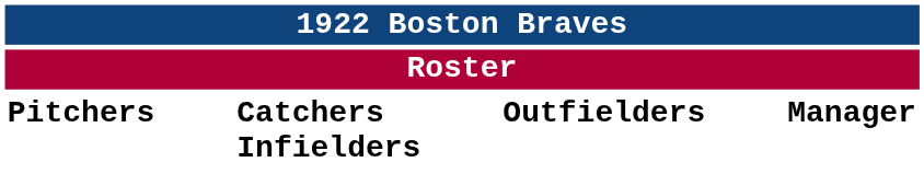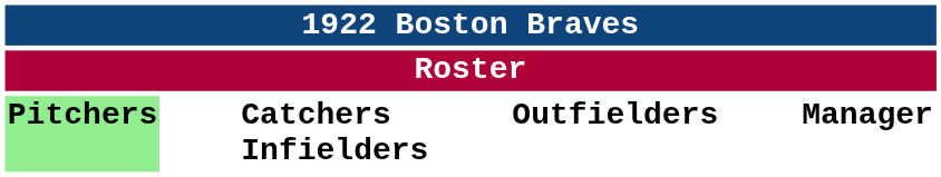 <table class="toccolours" style="font-size: 95%;">
 <tr>
 <th colspan="10" style="background-color: #0f437c; color: #FFFFFF; text-align: center;">1922 Boston Braves</th>
 </tr>
 <tr>
 <td colspan="10" style="background-color:#af0039; color: white; text-align: center;"><strong>Roster</strong></td>
 </tr>
 <tr>
-<td valign="top"><strong>Pitchers</strong><br>               </td>
+<td valign="top" style="background: lightgreen;"><strong>Pitchers</strong><br>               </td>
 <td width="25px"></td>
 <td valign="top"><strong>Catchers</strong><br>   <strong>Infielders</strong>       </td>
 <td width="25px"></td>
 <td valign="top"><strong>Outfielders</strong><br>      </td>
 <td width="25px"></td>
 <td valign="top"><strong>Manager</strong><br></td>
 </tr>
 </table>
